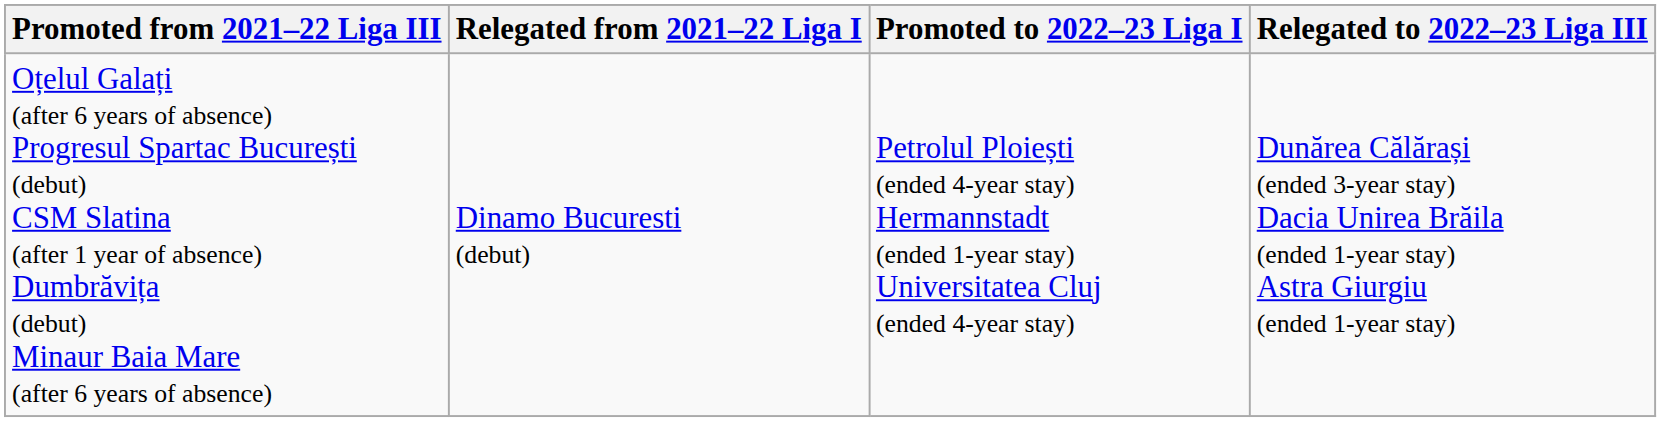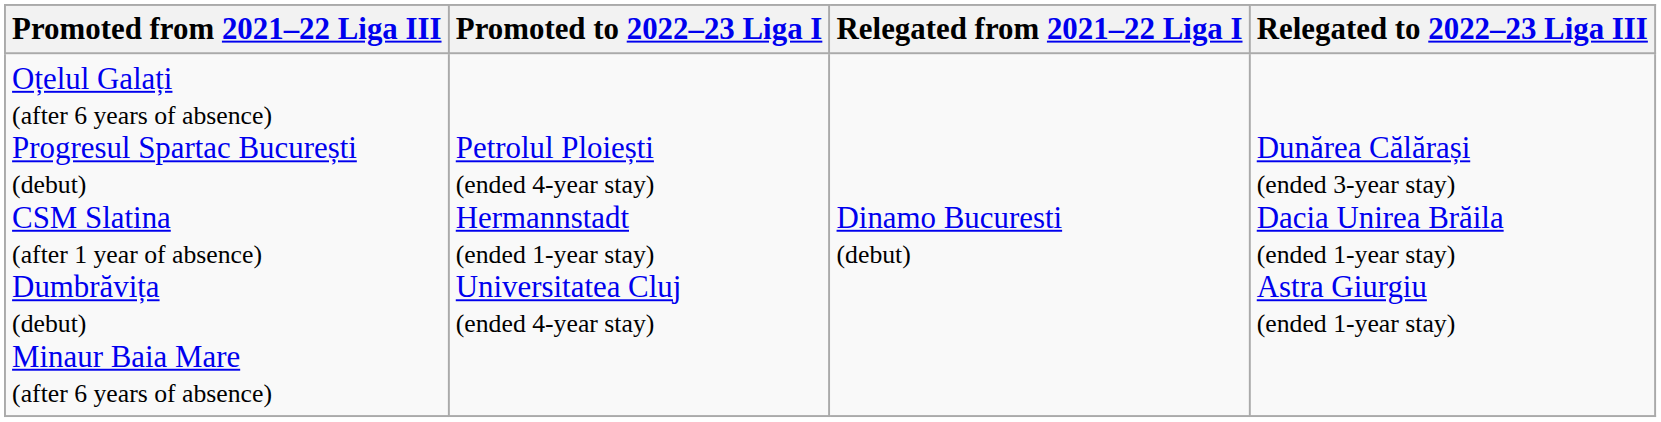 <table class="wikitable">
 <tr>
 <th>Promoted from <a href='#'>2021–22 Liga III</a></th>
+<th>Promoted to <a href='#'>2022–23 Liga I</a></th>
 <th>Relegated from <a href='#'>2021–22 Liga I</a></th>
-<th>Promoted to <a href='#'>2022–23 Liga I</a></th>
 <th>Relegated to <a href='#'>2022–23 Liga III</a></th>
 </tr>
 <tr>
 <td><a href='#'>Oțelul Galați</a><br> <small>(after 6 years of absence)</small><br><a href='#'>Progresul Spartac București</a><br> <small>(debut)</small><br><a href='#'>CSM Slatina</a><br><small>(after 1 year of absence)</small><br><a href='#'>Dumbrăvița</a><br> <small>(debut)</small><br><a href='#'>Minaur Baia Mare</a><br> <small>(after 6 years of absence)</small></td>
+<td><a href='#'>Petrolul Ploiești</a><br> <small>(ended 4-year stay)</small><br><a href='#'>Hermannstadt</a><br> <small>(ended 1-year stay)</small><br><a href='#'>Universitatea Cluj</a><br> <small>(ended 4-year stay)</small></td>
 <td><a href='#'>Dinamo Bucuresti</a><br> <small>(debut)</small></td>
-<td><a href='#'>Petrolul Ploiești</a><br> <small>(ended 4-year stay)</small><br><a href='#'>Hermannstadt</a><br> <small>(ended 1-year stay)</small><br><a href='#'>Universitatea Cluj</a><br> <small>(ended 4-year stay)</small></td>
 <td><a href='#'>Dunărea Călărași</a><br> <small>(ended 3-year stay)</small><br><a href='#'>Dacia Unirea Brăila</a><br> <small>(ended 1-year stay)</small><br><a href='#'>Astra Giurgiu</a><br> <small>(ended 1-year stay)</small></td>
 </tr>
 </table>
